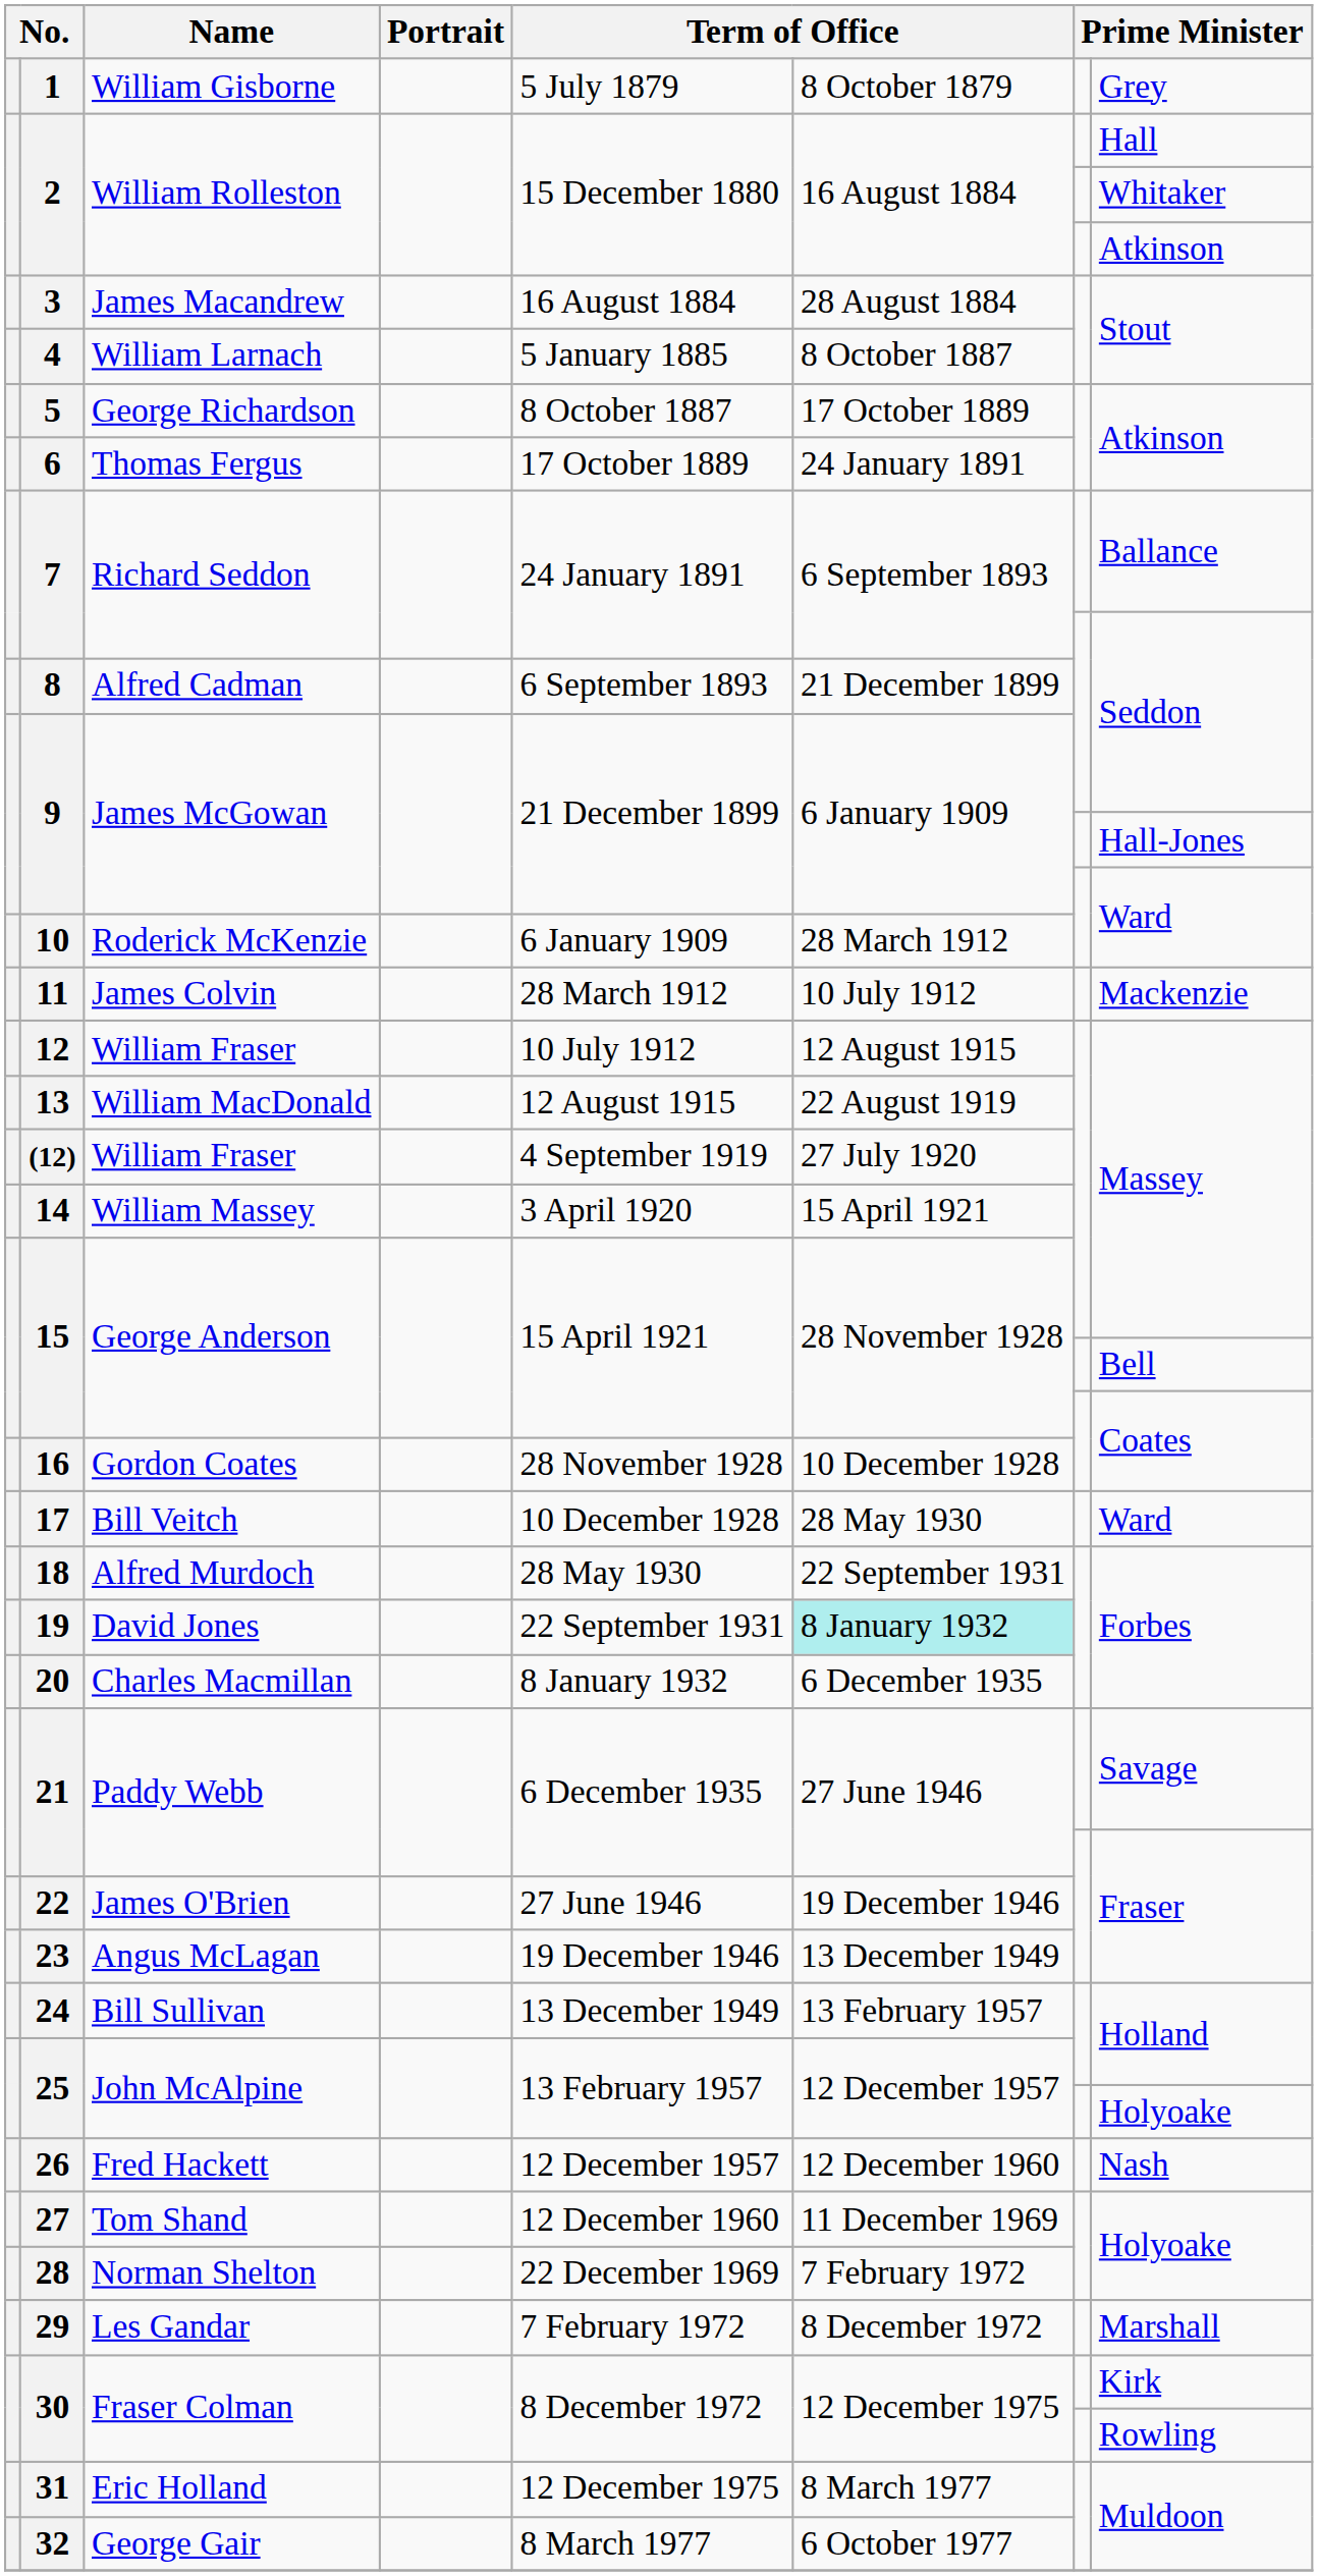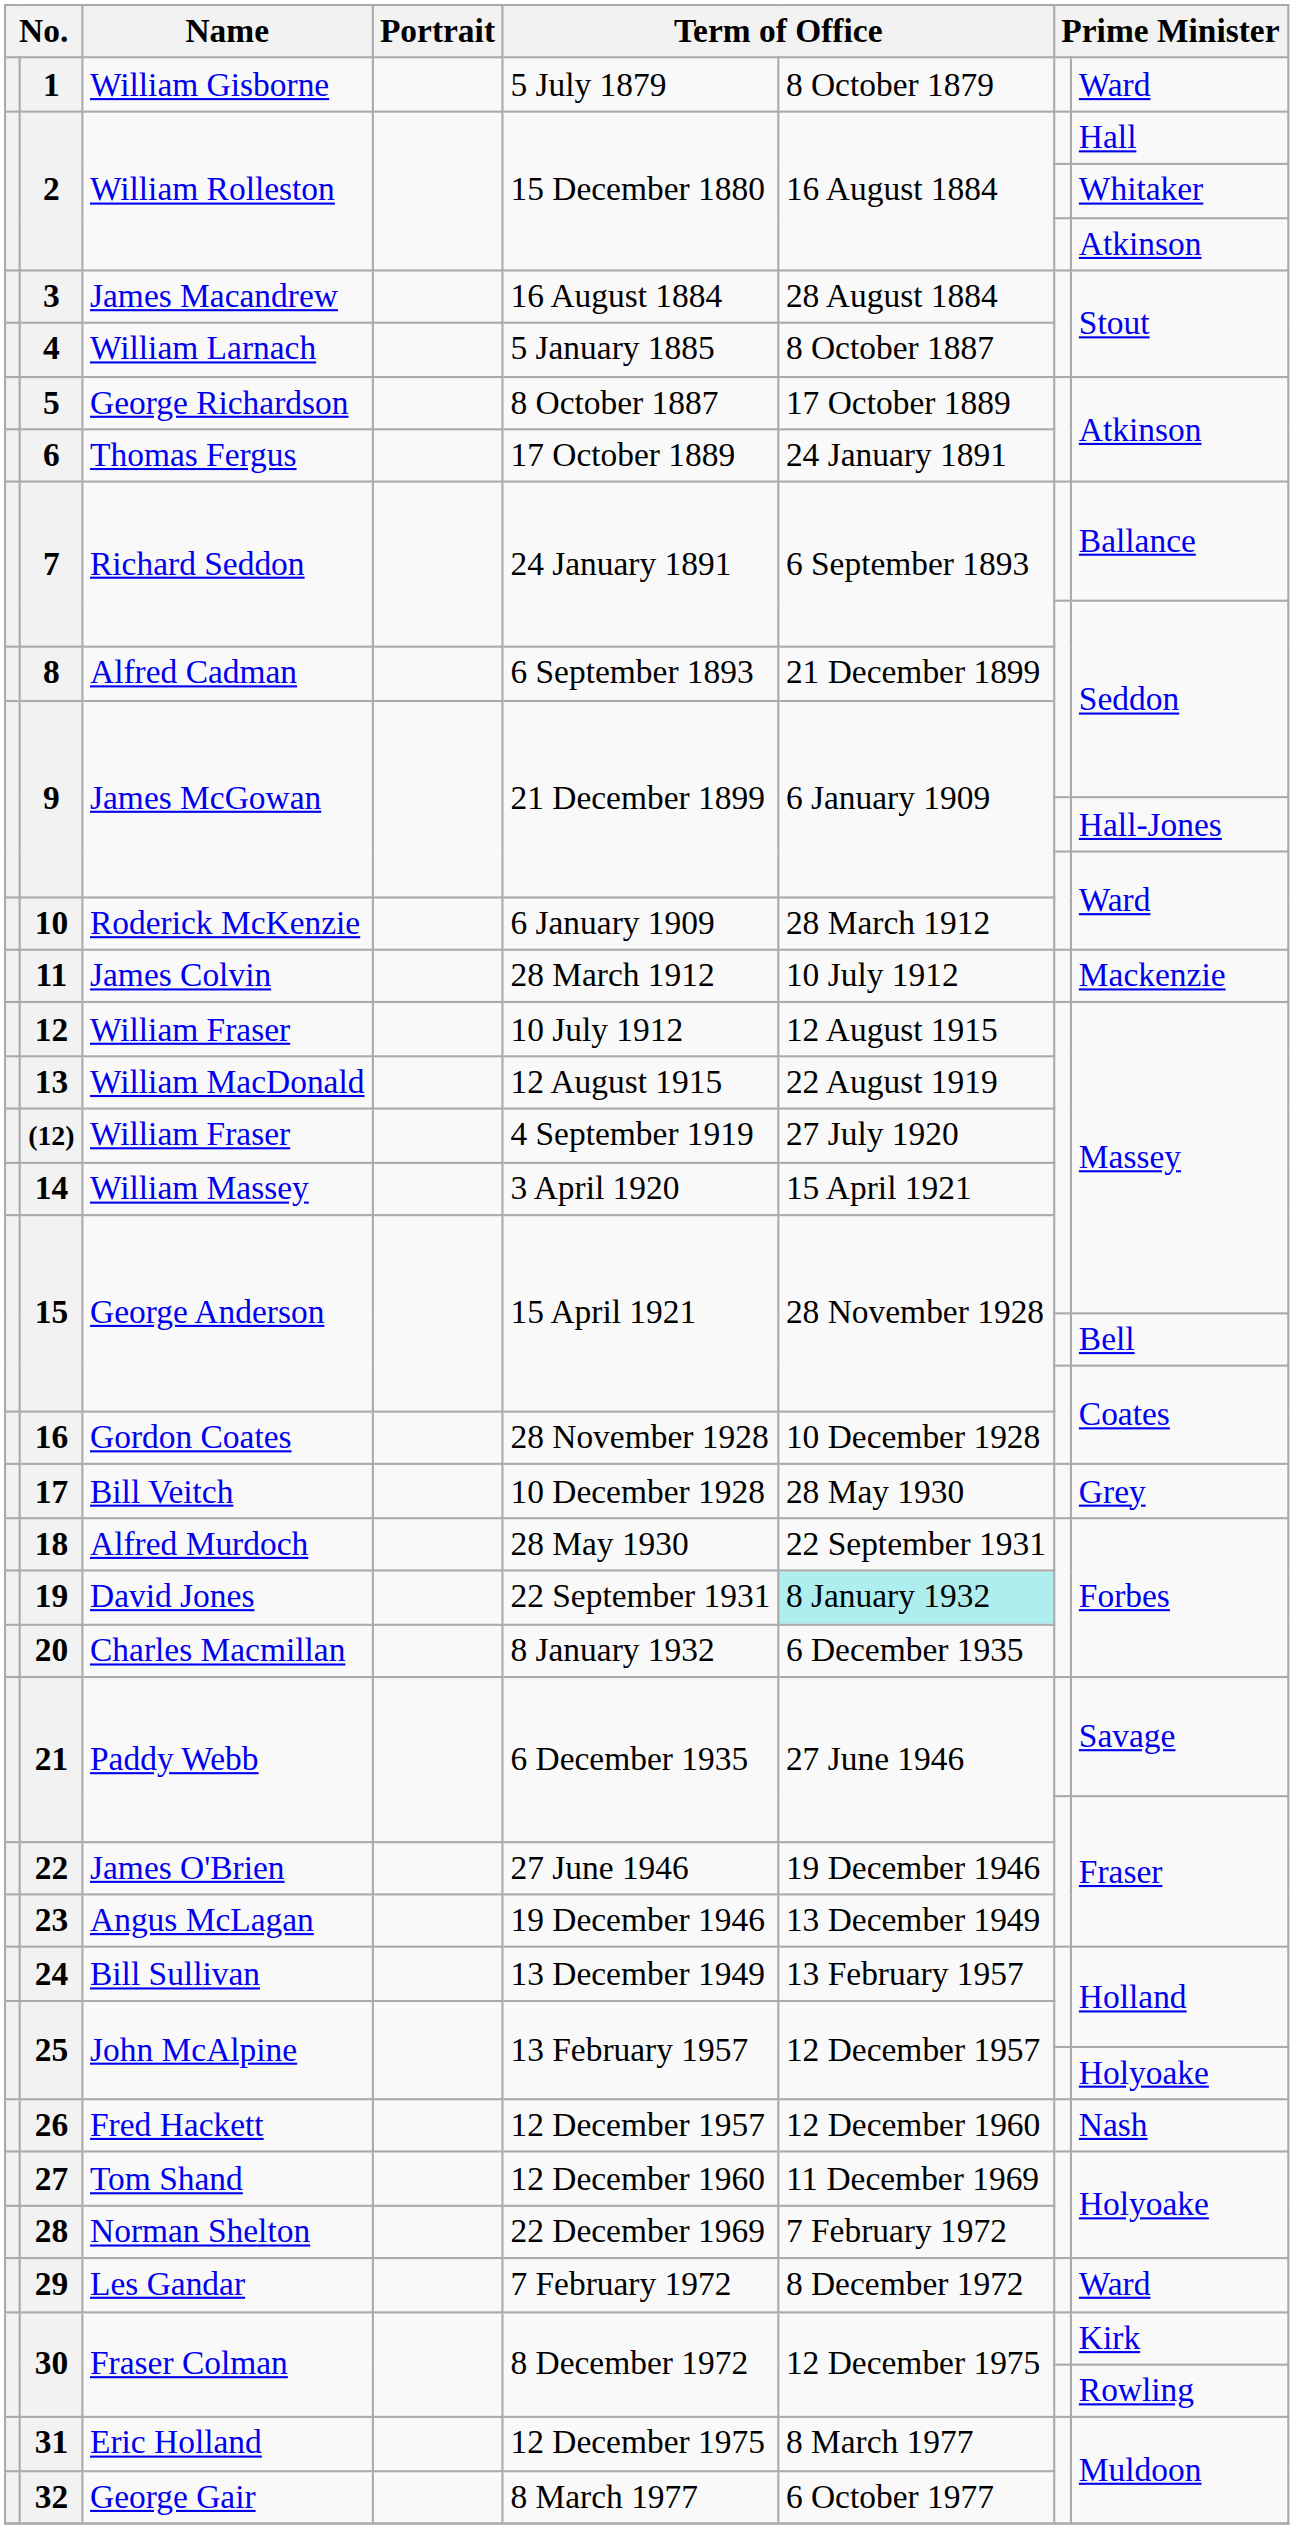 <table class="wikitable">
 <tr>
 <th colspan=2>No.</th>
 <th>Name</th>
 <th>Portrait</th>
 <th colspan=2>Term of Office</th>
 <th colspan=2>Prime Minister</th>
 </tr>
 <tr>
 <th style="color:inherit;background:"></th>
 <th>1</th>
 <td><a href='#'>William Gisborne</a></td>
 <td></td>
 <td>5 July 1879</td>
 <td>8 October 1879</td>
 <td width=1 style="color:inherit;background:"></td>
-<td><a href='#'>Grey</a></td>
+<td><a href='#'>Ward</a></td>
 </tr>
 <tr>
 <th rowspan=3 style="color:inherit;background:"></th>
 <th rowspan=3>2</th>
 <td rowspan=3><a href='#'>William Rolleston</a></td>
 <td rowspan=3></td>
 <td rowspan=3>15 December 1880</td>
 <td rowspan=3>16 August 1884</td>
 <td style="color:inherit;background:"></td>
 <td><a href='#'>Hall</a></td>
 </tr>
 <tr>
 <td style="color:inherit;background:"></td>
 <td><a href='#'>Whitaker</a></td>
 </tr>
 <tr>
 <td style="color:inherit;background:"></td>
 <td><a href='#'>Atkinson</a></td>
 </tr>
 <tr>
 <th style="color:inherit;background:"></th>
 <th>3</th>
 <td><a href='#'>James Macandrew</a></td>
 <td></td>
 <td>16 August 1884</td>
 <td>28 August 1884</td>
 <td rowspan=2 style="color:inherit;background:"></td>
 <td rowspan=2><a href='#'>Stout</a></td>
 </tr>
 <tr>
 <th style="color:inherit;background:"></th>
 <th>4</th>
 <td><a href='#'>William Larnach</a></td>
 <td></td>
 <td>5 January 1885</td>
 <td>8 October 1887</td>
 </tr>
 <tr>
 <th style="color:inherit;background:"></th>
 <th>5</th>
 <td><a href='#'>George Richardson</a></td>
 <td></td>
 <td>8 October 1887</td>
 <td>17 October 1889</td>
 <td rowspan=2 style="color:inherit;background:"></td>
 <td rowspan=2><a href='#'>Atkinson</a></td>
 </tr>
 <tr>
 <th style="color:inherit;background:"></th>
 <th>6</th>
 <td><a href='#'>Thomas Fergus</a></td>
 <td></td>
 <td>17 October 1889</td>
 <td>24 January 1891</td>
 </tr>
 <tr>
 <th height=50 style="border-bottom:solid 0 grey; background:"></th>
 <th rowspan=2>7</th>
 <td rowspan=2><a href='#'>Richard Seddon</a></td>
 <td rowspan=2></td>
 <td rowspan=2>24 January 1891</td>
 <td rowspan=2>6 September 1893</td>
 <td style="border-bottom:solid 0 grey; background:"></td>
 <td><a href='#'>Ballance</a></td>
 </tr>
 <tr>
 <th height=15 style="border-top:solid 0 grey; background:"></th>
 <td rowspan=2 style="border-bottom:solid 0 grey; background:"></td>
 <td rowspan=3><a href='#'>Seddon</a></td>
 </tr>
 <tr>
 <th style="border-bottom:solid 0 grey; background:"></th>
 <th>8</th>
 <td><a href='#'>Alfred Cadman</a></td>
 <td></td>
 <td>6 September 1893</td>
 <td>21 December 1899</td>
 </tr>
 <tr>
 <th rowspan=3 style="color:inherit;background:"></th>
 <th rowspan=3>9</th>
 <td rowspan=3><a href='#'>James McGowan</a></td>
 <td rowspan=3></td>
 <td rowspan=3>21 December 1899</td>
 <td rowspan=3>6 January 1909</td>
 <td height=40 style="border-top:solid 0 grey; background:"></td>
 </tr>
 <tr>
 <td height=15 style="color:inherit;background:"></td>
 <td><a href='#'>Hall-Jones</a></td>
 </tr>
 <tr>
 <td height=15 style="border-bottom:solid 0 grey; background:"></td>
 <td rowspan=2><a href='#'>Ward</a></td>
 </tr>
 <tr>
 <th style="color:inherit;background:"></th>
 <th>10</th>
 <td><a href='#'>Roderick McKenzie</a></td>
 <td></td>
 <td>6 January 1909</td>
 <td>28 March 1912</td>
 <td style="border-top:solid 0 grey; background:"></td>
 </tr>
 <tr>
 <th style="color:inherit;background:"></th>
 <th>11</th>
 <td><a href='#'>James Colvin</a></td>
 <td></td>
 <td>28 March 1912</td>
 <td>10 July 1912</td>
 <td style="color:inherit;background:"></td>
 <td><a href='#'>Mackenzie</a></td>
 </tr>
 <tr>
 <th style="color:inherit;background:"></th>
 <th>12</th>
 <td><a href='#'>William Fraser</a></td>
 <td></td>
 <td>10 July 1912</td>
 <td>12 August 1915</td>
 <td rowspan=4 style="border-bottom:solid 0 grey; background:"></td>
 <td rowspan=5><a href='#'>Massey</a></td>
 </tr>
 <tr>
 <th style="color:inherit;background:"></th>
 <th>13</th>
 <td><a href='#'>William MacDonald</a></td>
 <td></td>
 <td>12 August 1915</td>
 <td>22 August 1919</td>
 </tr>
 <tr>
 <th style="color:inherit;background:"></th>
 <th><small>(12)</small></th>
 <td><a href='#'>William Fraser</a></td>
 <td></td>
 <td>4 September 1919</td>
 <td>27 July 1920</td>
 </tr>
 <tr>
 <th style="color:inherit;background:"></th>
 <th>14</th>
 <td><a href='#'>William Massey</a></td>
 <td></td>
 <td>3 April 1920</td>
 <td>15 April 1921</td>
 </tr>
 <tr>
 <th rowspan=3 style="color:inherit;background:"></th>
 <th rowspan=3>15</th>
 <td rowspan=3><a href='#'>George Anderson</a></td>
 <td rowspan=3></td>
 <td rowspan=3>15 April 1921</td>
 <td rowspan=3>28 November 1928</td>
 <td height=40 style="border-top:solid 0 grey; background:"></td>
 </tr>
 <tr>
 <td height=15 style="color:inherit;background:"></td>
 <td><a href='#'>Bell</a></td>
 </tr>
 <tr>
 <td height=15 style="border-bottom:solid 0 grey; background:"></td>
 <td rowspan=2><a href='#'>Coates</a></td>
 </tr>
 <tr>
 <th style="color:inherit;background:"></th>
 <th>16</th>
 <td><a href='#'>Gordon Coates</a></td>
 <td></td>
 <td>28 November 1928</td>
 <td>10 December 1928</td>
 <td style="border-top:solid 0 grey; background:"></td>
 </tr>
 <tr>
 <th style="color:inherit;background:"></th>
 <th>17</th>
 <td><a href='#'>Bill Veitch</a></td>
 <td></td>
 <td>10 December 1928</td>
 <td>28 May 1930</td>
 <td style="color:inherit;background:"></td>
-<td><a href='#'>Ward</a></td>
+<td><a href='#'>Grey</a></td>
 </tr>
 <tr>
 <th style="color:inherit;background:"></th>
 <th>18</th>
 <td><a href='#'>Alfred Murdoch</a></td>
 <td></td>
 <td>28 May 1930</td>
 <td>22 September 1931</td>
 <td rowspan=3 style="color:inherit;background:"></td>
 <td rowspan=3><a href='#'>Forbes</a></td>
 </tr>
 <tr>
 <th style="color:inherit;background:"></th>
 <th>19</th>
 <td><a href='#'>David Jones</a></td>
 <td></td>
 <td>22 September 1931</td>
 <td style="background: paleturquoise;">8 January 1932</td>
 </tr>
 <tr>
 <th style="color:inherit;background:"></th>
 <th>20</th>
 <td><a href='#'>Charles Macmillan</a></td>
 <td></td>
 <td>8 January 1932</td>
 <td>6 December 1935</td>
 </tr>
 <tr>
 <th height=50 style="border-bottom:solid 0 grey; background:"></th>
 <th rowspan=2>21</th>
 <td rowspan=2><a href='#'>Paddy Webb</a></td>
 <td rowspan=2></td>
 <td rowspan=2>6 December 1935</td>
 <td rowspan=2>27 June 1946</td>
 <td style="color:inherit;background:"></td>
 <td><a href='#'>Savage</a></td>
 </tr>
 <tr>
 <th height=15 style="border-top:solid 0 grey; background:"></th>
 <td style="border-bottom:solid 0 grey; background:"></td>
 <td rowspan=3><a href='#'>Fraser</a></td>
 </tr>
 <tr>
 <th style="color:inherit;background:"></th>
 <th>22</th>
 <td><a href='#'>James O'Brien</a></td>
 <td></td>
 <td>27 June 1946</td>
 <td>19 December 1946</td>
 <td rowspan=2 style="border-top:solid 0 grey; background:"></td>
 </tr>
 <tr>
 <th style="color:inherit;background:"></th>
 <th>23</th>
 <td><a href='#'>Angus McLagan</a></td>
 <td></td>
 <td>19 December 1946</td>
 <td>13 December 1949</td>
 </tr>
 <tr>
 <th style="color:inherit;background:"></th>
 <th>24</th>
 <td><a href='#'>Bill Sullivan</a></td>
 <td></td>
 <td>13 December 1949</td>
 <td>13 February 1957</td>
 <td rowspan="2" style="color:inherit;background:"></td>
 <td rowspan="2"><a href='#'>Holland</a></td>
 </tr>
 <tr>
 <th height=15 style="border-bottom:solid 0 grey; background:"></th>
 <th rowspan="2">25</th>
 <td rowspan="2"><a href='#'>John McAlpine</a></td>
 <td rowspan="2"></td>
 <td rowspan="2">13 February 1957</td>
 <td rowspan="2">12 December 1957</td>
 </tr>
 <tr>
 <th height=15 style="border-top:solid 0 grey; background:"></th>
 <td style="color:inherit;background:"></td>
 <td><a href='#'>Holyoake</a></td>
 </tr>
 <tr>
 <th style="color:inherit;background:"></th>
 <th>26</th>
 <td><a href='#'>Fred Hackett</a></td>
 <td></td>
 <td>12 December 1957</td>
 <td>12 December 1960</td>
 <td style="color:inherit;background:"></td>
 <td><a href='#'>Nash</a></td>
 </tr>
 <tr>
 <th style="color:inherit;background:"></th>
 <th>27</th>
 <td><a href='#'>Tom Shand</a></td>
 <td></td>
 <td>12 December 1960</td>
 <td>11 December 1969</td>
 <td rowspan=2 style="color:inherit;background:"></td>
 <td rowspan=2><a href='#'>Holyoake</a></td>
 </tr>
 <tr>
 <th style="color:inherit;background:"></th>
 <th>28</th>
 <td><a href='#'>Norman Shelton</a></td>
 <td></td>
 <td>22 December 1969</td>
 <td>7 February 1972</td>
 </tr>
 <tr>
 <th style="color:inherit;background:"></th>
 <th>29</th>
 <td><a href='#'>Les Gandar</a></td>
 <td></td>
 <td>7 February 1972</td>
 <td>8 December 1972</td>
 <td style="color:inherit;background:"></td>
-<td><a href='#'>Marshall</a></td>
+<td><a href='#'>Ward</a></td>
 </tr>
 <tr>
 <th rowspan=2 style="color:inherit;background:"></th>
 <th rowspan=2>30</th>
 <td rowspan=2><a href='#'>Fraser Colman</a></td>
 <td rowspan=2></td>
 <td rowspan=2>8 December 1972</td>
 <td rowspan=2>12 December 1975</td>
 <td style="color:inherit;background:"></td>
 <td><a href='#'>Kirk</a></td>
 </tr>
 <tr>
 <td style="color:inherit;background:"></td>
 <td><a href='#'>Rowling</a></td>
 </tr>
 <tr>
 <th style="color:inherit;background:"></th>
 <th>31</th>
 <td><a href='#'>Eric Holland</a></td>
 <td></td>
 <td>12 December 1975</td>
 <td>8 March 1977</td>
 <td rowspan="2" style="color:inherit;background:"></td>
 <td rowspan="2"><a href='#'>Muldoon</a></td>
 </tr>
 <tr>
 <th style="color:inherit;background:"></th>
 <th>32</th>
 <td><a href='#'>George Gair</a></td>
 <td></td>
 <td>8 March 1977</td>
 <td>6 October 1977</td>
 </tr>
 <tr>
 </tr>
 </table>
